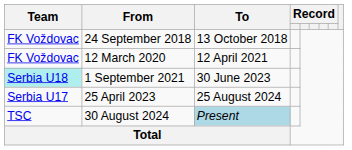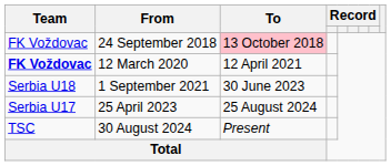 <table class="wikitable" style="text-align:center">
 <tr>
 <th rowspan="2">Team</th>
 <th rowspan="2">From</th>
 <th rowspan="2">To</th>
 <th colspan="5">Record</th>
 <th rowspan=2></th>
 </tr>
 <tr>
 <th></th>
 <th></th>
 <th></th>
 <th></th>
 <th></th>
 </tr>
 <tr>
 <td align=left><a href='#'>FK Voždovac</a></td>
 <td align=left>24 September 2018</td>
-<td align=left>13 October 2018<br></td>
+<td align=left style="background: pink;">13 October 2018<br></td>
 <td></td>
 </tr>
 <tr>
-<td align=left><a href='#'>FK Voždovac</a></td>
+<td align=left><strong><a href='#'>FK Voždovac</a></strong></td>
 <td align=left>12 March 2020</td>
 <td align=left>12 April 2021<br></td>
 <td></td>
 </tr>
 <tr>
-<td align=left style="background: paleturquoise;"><a href='#'>Serbia U18</a></td>
+<td align=left><a href='#'>Serbia U18</a></td>
 <td align=left>1 September 2021</td>
 <td align=left>30 June 2023<br></td>
 <td></td>
 </tr>
 <tr>
 <td align=left><a href='#'>Serbia U17</a></td>
 <td align=left>25 April 2023</td>
 <td align=left>25 August 2024<br></td>
 <td></td>
 </tr>
 <tr>
 <td align=left><a href='#'>TSC</a></td>
 <td align=left>30 August 2024</td>
-<td align=left style="background: lightblue;"><em>Present</em><br></td>
+<td align=left><em>Present</em><br></td>
 <td></td>
 </tr>
 <tr>
 <th colspan="3">Total<br></th>
 </tr>
 </table>
